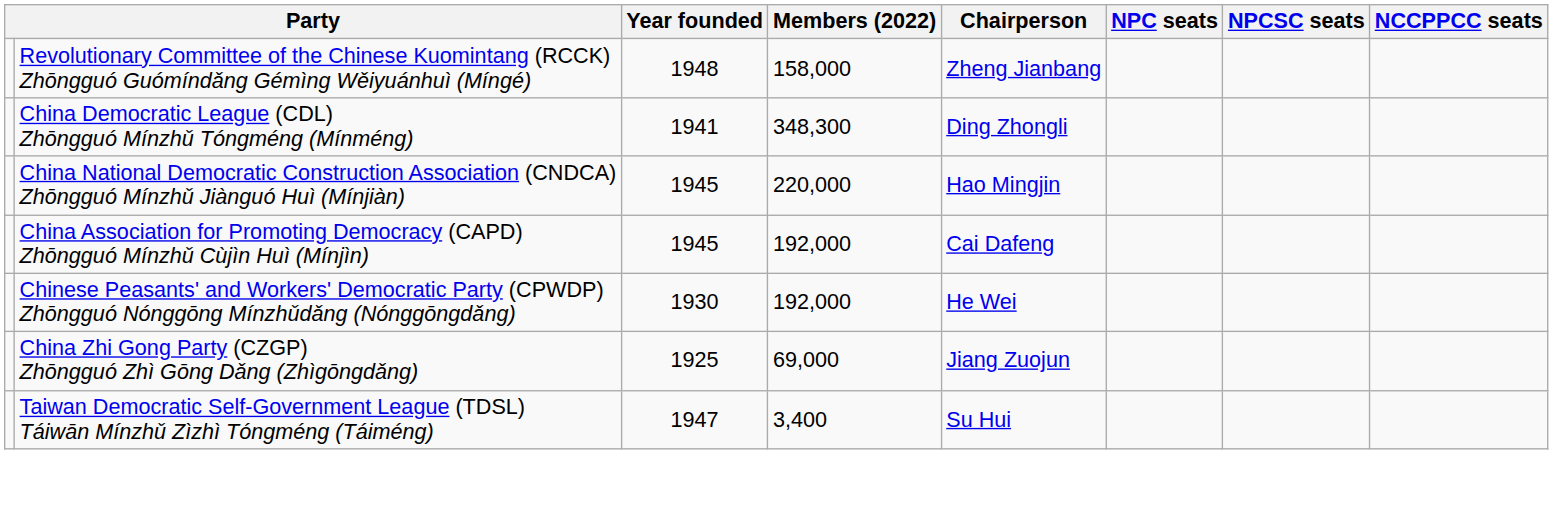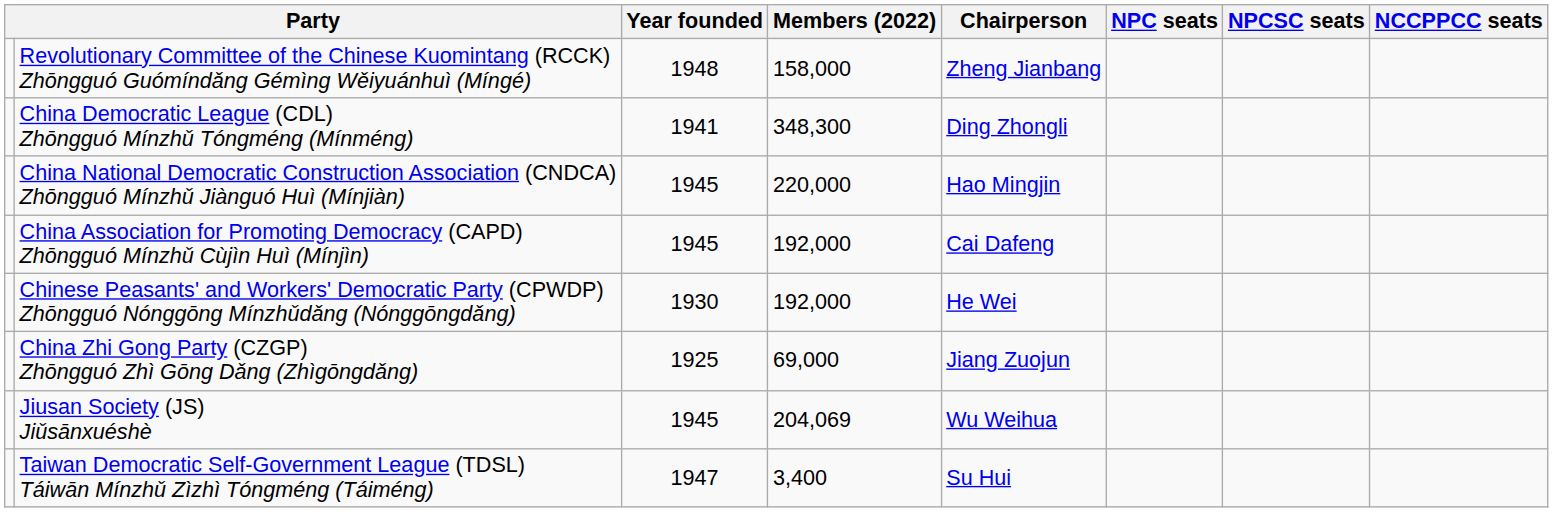 <table class="wikitable sortable">
 <tr>
 <th colspan="2" align="left">Party</th>
 <th>Year founded</th>
 <th>Members (2022)</th>
 <th>Chairperson</th>
 <th><a href='#'>NPC</a> seats</th>
 <th><a href='#'>NPCSC</a> seats</th>
 <th><a href='#'>NCCPPCC</a> seats</th>
 </tr>
 <tr>
 <td></td>
 <td><a href='#'>Revolutionary Committee of the Chinese Kuomintang</a> (RCCK)<br> <em>Zhōngguó Guómíndǎng Gémìng Wěiyuánhuì (Míngé)</em></td>
 <td align="center">1948</td>
 <td>158,000</td>
 <td><a href='#'>Zheng Jianbang</a><br></td>
 <td></td>
 <td></td>
 <td></td>
 </tr>
 <tr>
 <td></td>
 <td><a href='#'>China Democratic League</a> (CDL)<br> <em>Zhōngguó Mínzhǔ Tóngméng (Mínméng)</em></td>
 <td align="center">1941</td>
 <td>348,300</td>
 <td><a href='#'>Ding Zhongli</a><br></td>
 <td></td>
 <td></td>
 <td></td>
 </tr>
 <tr>
 <td></td>
 <td><a href='#'>China National Democratic Construction Association</a> (CNDCA)<br> <em>Zhōngguó Mínzhǔ Jiànguó Huì (Mínjiàn)</em></td>
 <td align="center">1945</td>
 <td>220,000</td>
 <td><a href='#'>Hao Mingjin</a><br></td>
 <td></td>
 <td></td>
 <td></td>
 </tr>
 <tr>
 <td></td>
 <td><a href='#'>China Association for Promoting Democracy</a> (CAPD)<br> <em>Zhōngguó Mínzhǔ Cùjìn Huì (Mínjìn)</em></td>
 <td align="center">1945</td>
 <td>192,000</td>
 <td><a href='#'>Cai Dafeng</a><br></td>
 <td></td>
 <td></td>
 <td></td>
 </tr>
 <tr>
 <td></td>
 <td><a href='#'>Chinese Peasants' and Workers' Democratic Party</a> (CPWDP)<br> <em>Zhōngguó Nónggōng Mínzhǔdǎng (Nónggōngdǎng)</em></td>
 <td align="center">1930</td>
 <td>192,000</td>
 <td><a href='#'>He Wei</a><br></td>
 <td></td>
 <td></td>
 <td></td>
 </tr>
 <tr>
 <td></td>
 <td><a href='#'>China Zhi Gong Party</a> (CZGP)<br> <em>Zhōngguó Zhì Gōng Dǎng (Zhìgōngdǎng)</em></td>
 <td align="center">1925</td>
 <td>69,000</td>
 <td><a href='#'>Jiang Zuojun</a><br></td>
 <td></td>
 <td></td>
 <td></td>
 </tr>
 <tr>
 <td></td>
+<td><a href='#'>Jiusan Society</a> (JS)<br> <em>Jiǔsānxuéshè</em></td>
+<td align="center">1945</td>
+<td>204,069</td>
+<td><a href='#'>Wu Weihua</a><br></td>
+<td></td>
+<td></td>
+<td></td>
+</tr>
+<tr>
+<td></td>
 <td><a href='#'>Taiwan Democratic Self-Government League</a> (TDSL)<br> <em>Táiwān Mínzhǔ Zìzhì Tóngméng (Táiméng)</em></td>
 <td align="center">1947</td>
 <td>3,400</td>
 <td><a href='#'>Su Hui</a><br></td>
 <td></td>
 <td></td>
 <td></td>
 </tr>
 </table>
